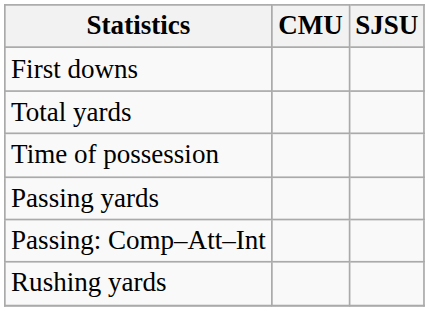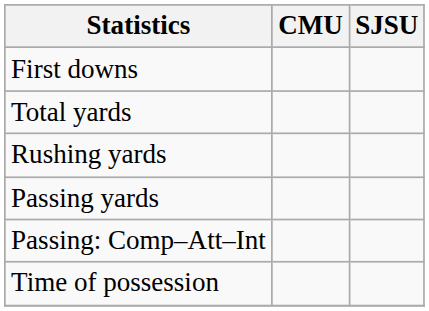 <table class="wikitable" style="float: left;">
 <tr>
 <th>Statistics</th>
 <th>CMU</th>
 <th>SJSU</th>
 </tr>
 <tr>
 <td>First downs</td>
 <td></td>
 <td></td>
 </tr>
 <tr>
 <td>Total yards</td>
 <td></td>
 <td></td>
 </tr>
 <tr>
-<td>Time of possession</td>
+<td>Rushing yards</td>
 <td></td>
 <td></td>
 </tr>
 <tr>
 <td>Passing yards</td>
 <td></td>
 <td></td>
 </tr>
 <tr>
 <td>Passing: Comp–Att–Int</td>
 <td></td>
 <td></td>
 </tr>
 <tr>
-<td>Rushing yards</td>
+<td>Time of possession</td>
 <td></td>
 <td></td>
 </tr>
 <tr>
 </tr>
 </table>
